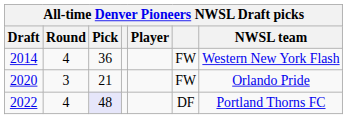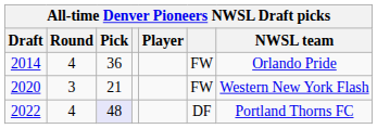 <table class="wikitable sortable" style="text-align: center;">
 <tr>
 <th colspan="7" style="background:#">All-time <a href='#'><span>Denver Pioneers</span></a> NWSL Draft picks</th>
 </tr>
 <tr>
 <th scope="col">Draft</th>
 <th scope="col">Round</th>
 <th scope="col">Pick</th>
 <th scope="col"></th>
 <th scope="col">Player</th>
 <th scope="col"></th>
 <th scope="col">NWSL team</th>
 </tr>
 <tr>
 <td><a href='#'>2014</a></td>
 <td>4</td>
 <td>36</td>
 <td></td>
 <td></td>
 <td>FW</td>
-<td><a href='#'>Western New York Flash</a></td>
+<td><a href='#'>Orlando Pride</a></td>
 </tr>
 <tr>
 <td><a href='#'>2020</a></td>
 <td>3</td>
 <td>21</td>
 <td></td>
 <td></td>
 <td>FW</td>
-<td><a href='#'>Orlando Pride</a></td>
+<td><a href='#'>Western New York Flash</a></td>
 </tr>
 <tr>
 <td><a href='#'>2022</a></td>
 <td>4</td>
 <td style="background: lavender;">48</td>
 <td></td>
 <td></td>
 <td>DF</td>
 <td><a href='#'>Portland Thorns FC</a></td>
 </tr>
 </table>
